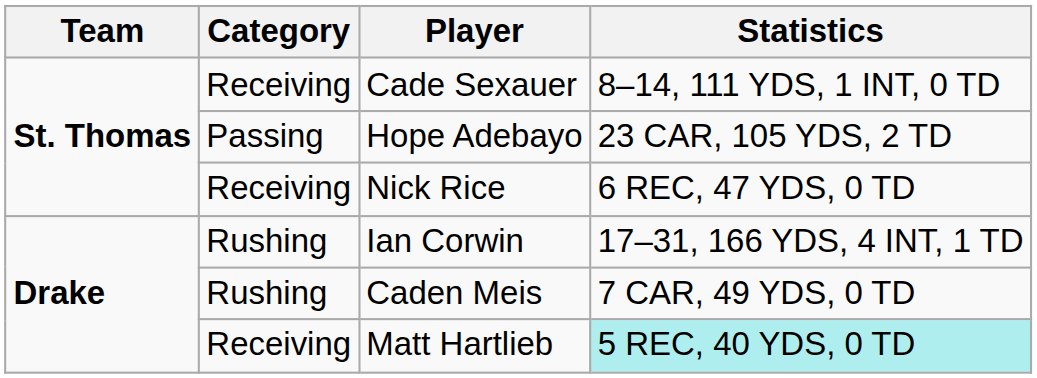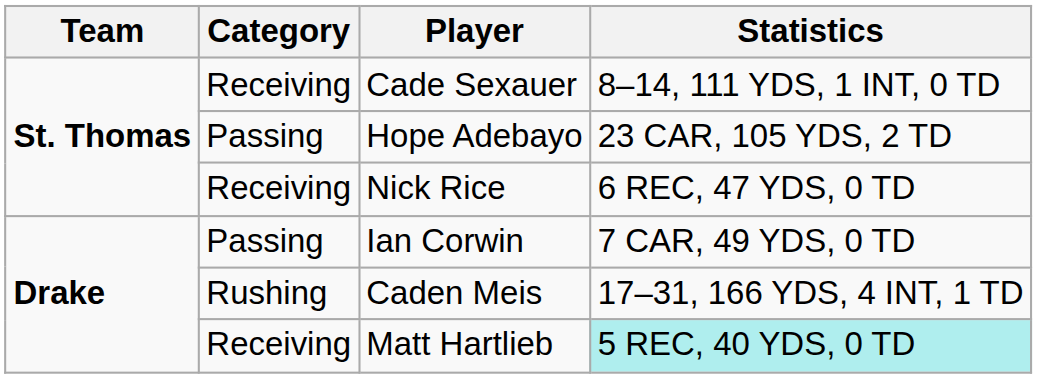 <table class="wikitable" style="float: right;">
 <tr>
 <th>Team</th>
 <th>Category</th>
 <th>Player</th>
 <th>Statistics</th>
 </tr>
 <tr>
 <td rowspan=3><strong>St. Thomas</strong></td>
 <td>Receiving</td>
 <td>Cade Sexauer</td>
 <td>8–14, 111 YDS, 1 INT, 0 TD</td>
 </tr>
 <tr>
 <td>Passing</td>
 <td>Hope Adebayo</td>
 <td>23 CAR, 105 YDS, 2 TD</td>
 </tr>
 <tr>
 <td>Receiving</td>
 <td>Nick Rice</td>
 <td>6 REC, 47 YDS, 0 TD</td>
 </tr>
 <tr>
 <td rowspan=3><strong>Drake</strong></td>
-<td>Rushing</td>
+<td>Passing</td>
 <td>Ian Corwin</td>
-<td>17–31, 166 YDS, 4 INT, 1 TD</td>
+<td>7 CAR, 49 YDS, 0 TD</td>
 </tr>
 <tr>
 <td>Rushing</td>
 <td>Caden Meis</td>
-<td>7 CAR, 49 YDS, 0 TD</td>
+<td>17–31, 166 YDS, 4 INT, 1 TD</td>
 </tr>
 <tr>
 <td>Receiving</td>
 <td>Matt Hartlieb</td>
 <td style="background: paleturquoise;">5 REC, 40 YDS, 0 TD</td>
 </tr>
 </table>
